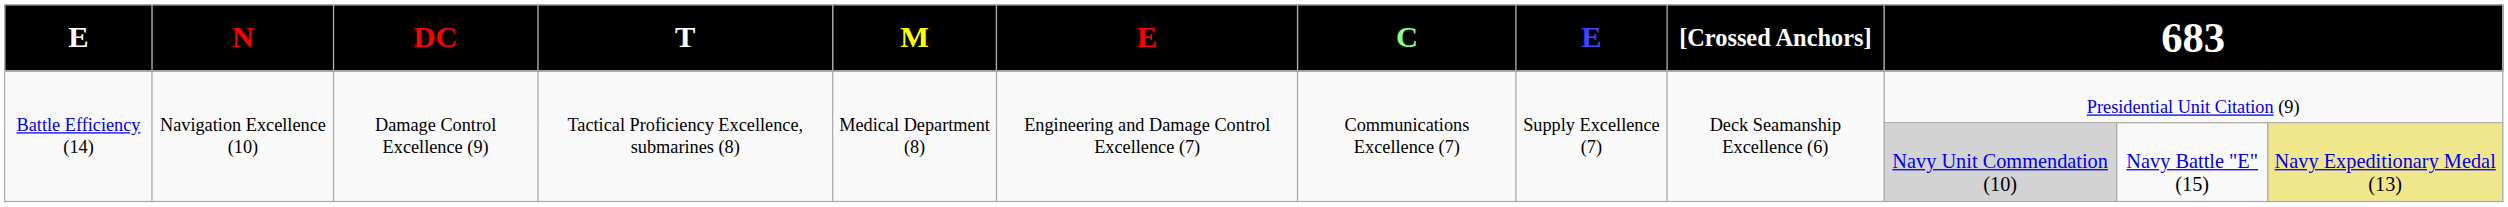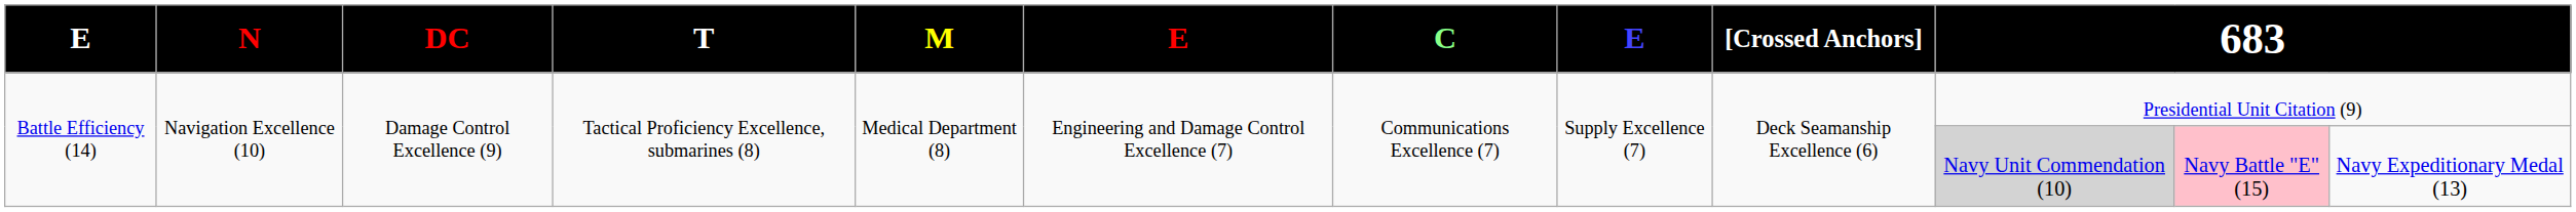 <table class="wikitable" style="text-align:center;">
 <tr style="font-size:150%;">
 <th style="background:#000;color:#fff;">E</th>
 <th style="background:#000;color:#f00;">N</th>
 <th style="background:#000;color:#f00;">DC</th>
 <th style="background:#000;color:#fff;">T</th>
 <th style="background:#000;color:#ff0;">M</th>
 <th style="background:#000;color:#f00;">E</th>
 <th style="background:#000;color:#8f8;">C</th>
 <th style="background:#000;color:#44f;">E</th>
 <th style="background:#000;color:#fff;font-size:80%;">[Crossed Anchors]</th>
 <th style="background:#000;color:#fff;font-size:140%;" colspan=3>683</th>
 </tr>
 <tr style="font-size:90%;">
 <td rowspan=2><a href='#'>Battle Efficiency</a> (14)</td>
 <td rowspan=2>Navigation Excellence (10)</td>
 <td rowspan=2>Damage Control Excellence (9)</td>
 <td rowspan=2>Tactical Proficiency Excellence, submarines (8)</td>
 <td rowspan=2>Medical Department (8)</td>
 <td rowspan=2>Engineering and Damage Control Excellence (7)</td>
 <td rowspan=2>Communications Excellence (7)</td>
 <td rowspan=2>Supply Excellence (7)</td>
 <td rowspan=2>Deck Seamanship Excellence (6)</td>
 <td colspan=3><br><a href='#'>Presidential Unit Citation</a> (9)</td>
 </tr>
 <tr>
 <td style="background: lightgrey;"><br><span><a href='#'>Navy Unit Commendation</a> (10)</span></td>
-<td><br><span><a href='#'>Navy Battle "E"</a> (15)</span></td>
-<td style="background: khaki; font-size=80%;"><br><span><a href='#'>Navy Expeditionary Medal</a> (13)</span></td>
+<td style="background: pink;"><br><span><a href='#'>Navy Battle "E"</a> (15)</span></td>
+<td style="font-size=80%;"><br><span><a href='#'>Navy Expeditionary Medal</a> (13)</span></td>
 </tr>
 </table>
